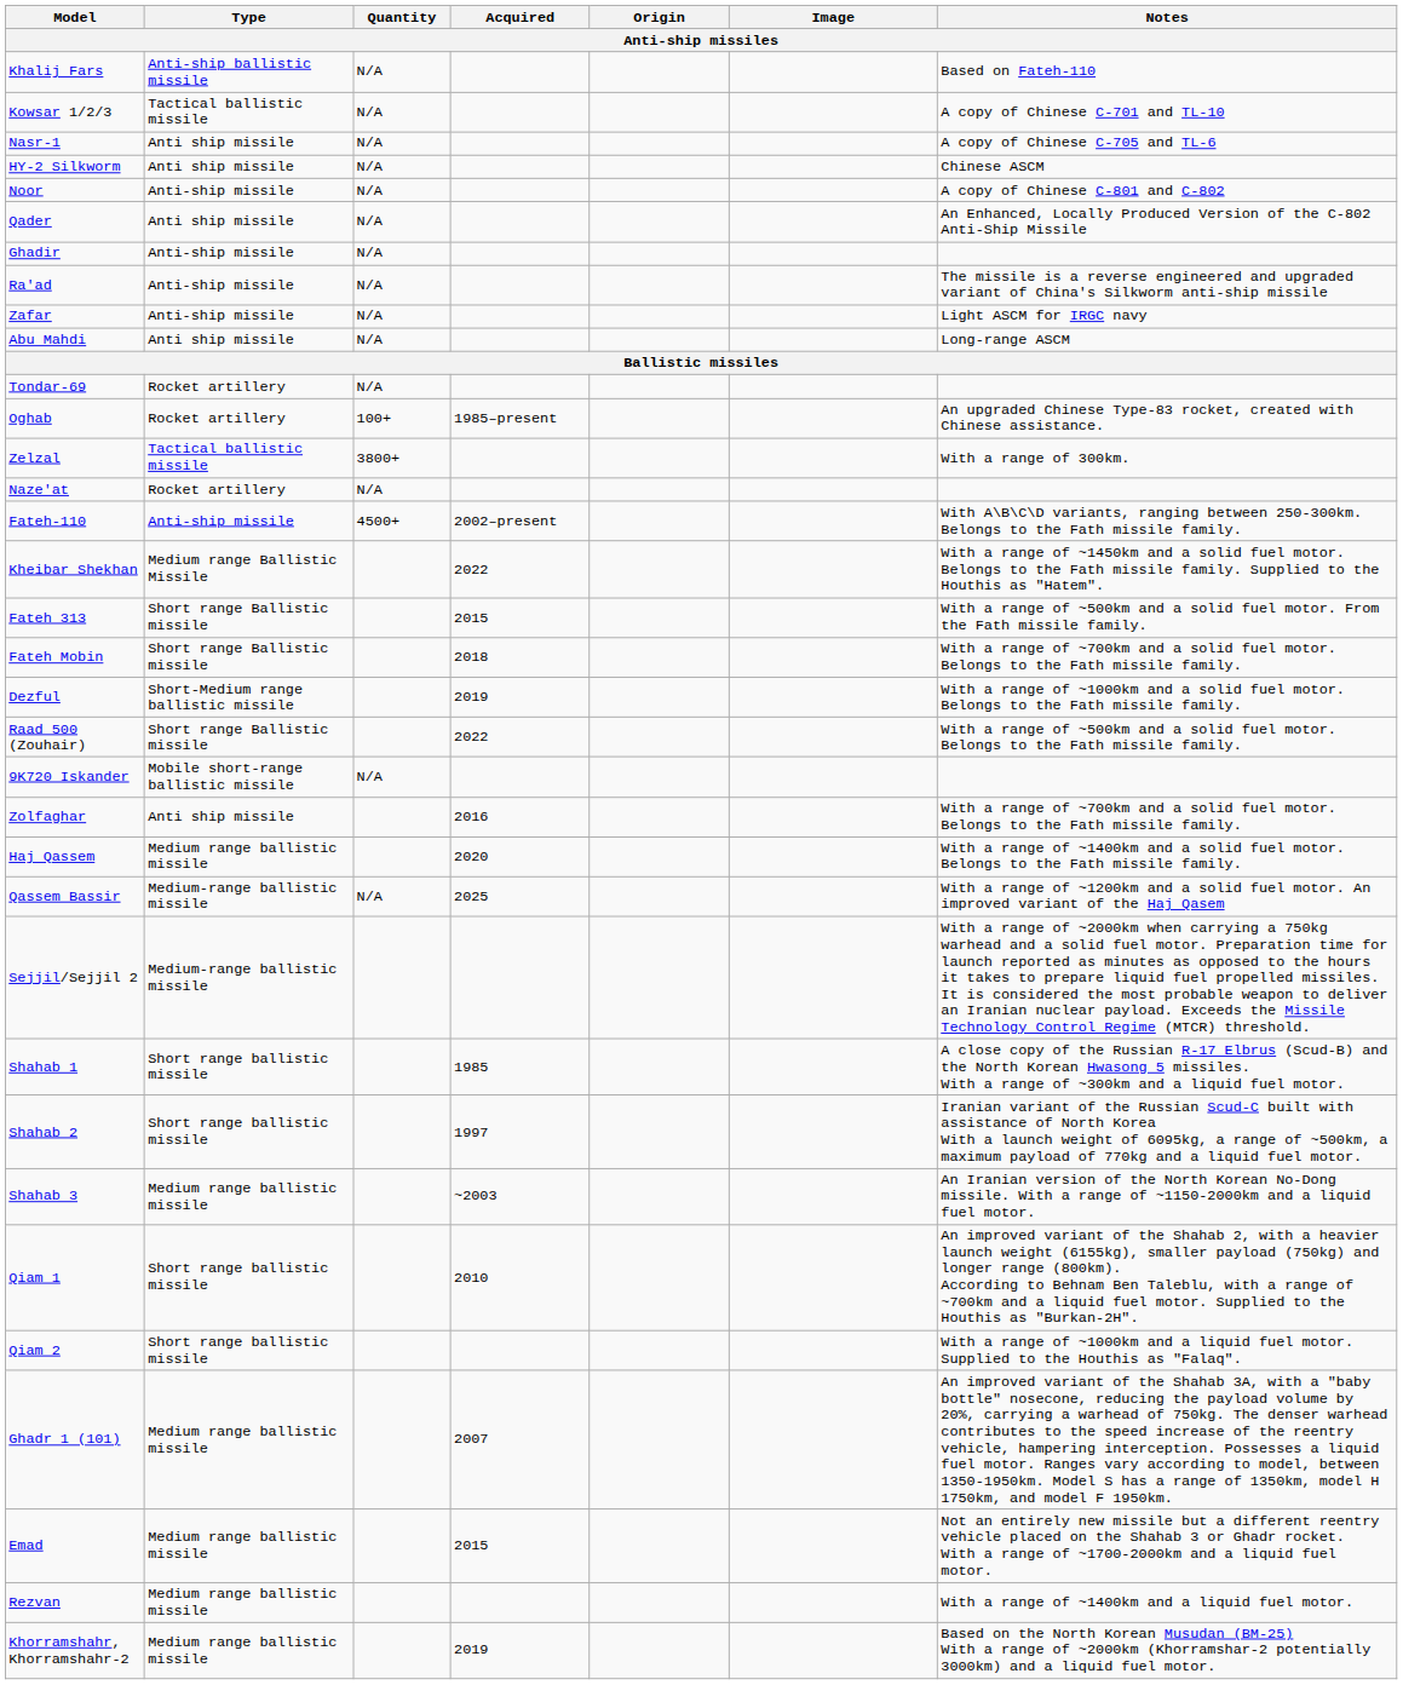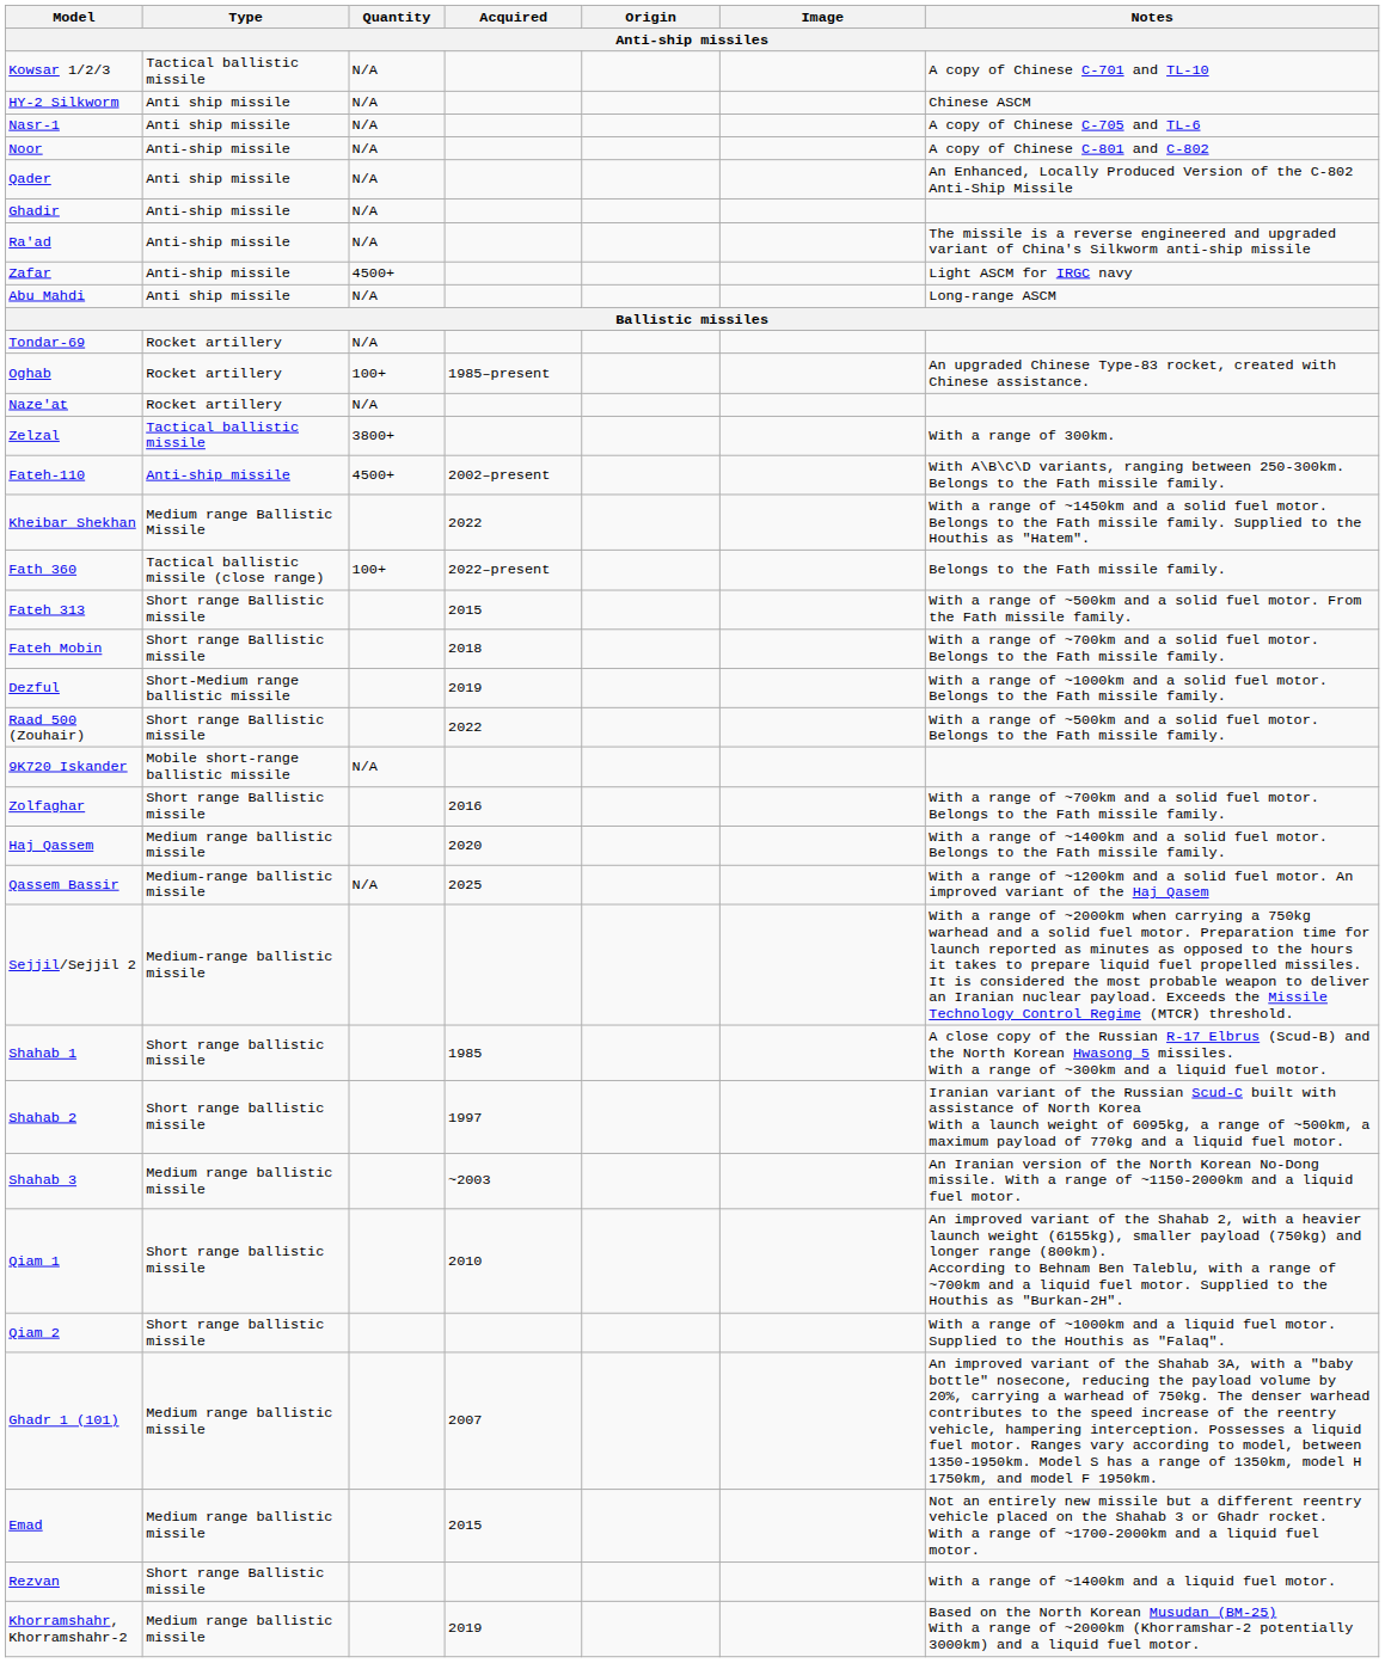 <table class="wikitable" width="100%">
 <tr>
 <th width="10%">Model</th>
 <th width="15%">Type</th>
 <th width="7%">Quantity</th>
 <th width="10%">Acquired</th>
 <th width="10%">Origin</th>
 <th width="15%">Image</th>
 <th>Notes</th>
 </tr>
 <tr>
 <th colspan="7">Anti-ship missiles</th>
 </tr>
 <tr>
-<td><a href='#'>Khalij Fars</a></td>
-<td><a href='#'>Anti-ship ballistic missile</a></td>
-<td>N/A</td>
-<td></td>
-<td></td>
-<td></td>
-<td>Based on <a href='#'>Fateh-110</a></td>
-</tr>
-<tr>
 <td><a href='#'>Kowsar</a> 1/2/3</td>
 <td>Tactical ballistic missile</td>
 <td>N/A</td>
 <td></td>
 <td><br></td>
 <td></td>
 <td>A copy of Chinese <a href='#'>C-701</a> and <a href='#'>TL-10</a></td>
 </tr>
 <tr>
+<td><a href='#'>HY-2 Silkworm</a></td>
+<td>Anti ship missile</td>
+<td>N/A</td>
+<td></td>
+<td></td>
+<td></td>
+<td>Chinese ASCM</td>
+</tr>
+<tr>
 <td><a href='#'>Nasr-1</a></td>
 <td>Anti ship missile</td>
 <td>N/A</td>
 <td></td>
 <td><br></td>
 <td></td>
 <td>A copy of Chinese <a href='#'>C-705</a> and <a href='#'>TL-6</a></td>
-</tr>
-<tr>
-<td><a href='#'>HY-2 Silkworm</a></td>
-<td>Anti ship missile</td>
-<td>N/A</td>
-<td></td>
-<td></td>
-<td></td>
-<td>Chinese ASCM</td>
 </tr>
 <tr>
 <td><a href='#'>Noor</a></td>
 <td>Anti-ship missile</td>
 <td>N/A</td>
 <td></td>
 <td><br></td>
 <td></td>
 <td>A copy of Chinese <a href='#'>C-801</a> and <a href='#'>C-802</a></td>
 </tr>
 <tr>
 <td><a href='#'>Qader</a></td>
 <td>Anti ship missile</td>
 <td>N/A</td>
 <td></td>
 <td><br></td>
 <td></td>
 <td>An Enhanced, Locally Produced Version of the C-802 Anti-Ship Missile</td>
 </tr>
 <tr>
 <td><a href='#'>Ghadir</a></td>
 <td>Anti-ship missile</td>
 <td>N/A</td>
 <td></td>
 <td></td>
 <td></td>
 <td></td>
 </tr>
 <tr>
 <td><a href='#'>Ra'ad</a></td>
 <td>Anti-ship missile</td>
 <td>N/A</td>
 <td></td>
 <td></td>
 <td></td>
 <td>The missile is a reverse engineered and upgraded variant of China's Silkworm anti-ship missile </td>
 </tr>
 <tr>
 <td><a href='#'>Zafar</a></td>
 <td>Anti-ship missile</td>
-<td>N/A</td>
+<td>4500+</td>
 <td></td>
 <td></td>
 <td></td>
 <td>Light ASCM for <a href='#'>IRGC</a> navy</td>
 </tr>
 <tr>
 <td><a href='#'>Abu Mahdi</a></td>
 <td>Anti ship missile</td>
 <td>N/A</td>
 <td></td>
 <td></td>
 <td></td>
 <td>Long-range ASCM</td>
 </tr>
 <tr>
 <th colspan="7">Ballistic missiles</th>
 </tr>
 <tr>
 <td><a href='#'>Tondar-69</a></td>
 <td>Rocket artillery</td>
 <td>N/A</td>
 <td></td>
 <td><br></td>
 <td></td>
 <td></td>
 </tr>
 <tr>
 <td><a href='#'>Oghab</a></td>
 <td>Rocket artillery</td>
 <td>100+</td>
 <td>1985–present</td>
 <td><br></td>
 <td></td>
 <td>An upgraded Chinese Type-83 rocket, created with Chinese assistance.</td>
 </tr>
 <tr>
+<td><a href='#'>Naze'at</a></td>
+<td>Rocket artillery</td>
+<td>N/A</td>
+<td></td>
+<td></td>
+<td></td>
+<td></td>
+</tr>
+<tr>
 <td><a href='#'>Zelzal</a></td>
 <td><a href='#'>Tactical ballistic missile</a></td>
 <td>3800+</td>
 <td></td>
 <td></td>
 <td></td>
 <td> With a range of 300km.</td>
-</tr>
-<tr>
-<td><a href='#'>Naze'at</a></td>
-<td>Rocket artillery</td>
-<td>N/A</td>
-<td></td>
-<td></td>
-<td></td>
-<td></td>
 </tr>
 <tr>
 <td><a href='#'>Fateh-110</a></td>
 <td><a href='#'>Anti-ship missile</a></td>
 <td>4500+</td>
 <td>2002–present</td>
 <td></td>
 <td></td>
 <td>With A\B\C\D variants, ranging between 250-300km. Belongs to the Fath missile family.</td>
 </tr>
 <tr>
 <td><a href='#'>Kheibar Shekhan</a></td>
 <td>Medium range Ballistic Missile</td>
 <td></td>
 <td>2022</td>
 <td></td>
 <td></td>
 <td>With a range of ~1450km and a solid fuel motor. Belongs to the Fath missile family. Supplied to the Houthis as "Hatem".</td>
+</tr>
+<tr>
+<td><a href='#'>Fath 360</a></td>
+<td>Tactical ballistic missile (close range)</td>
+<td>100+</td>
+<td>2022–present</td>
+<td></td>
+<td></td>
+<td> Belongs to the Fath missile family.</td>
 </tr>
 <tr>
 <td><a href='#'>Fateh 313</a></td>
 <td>Short range Ballistic missile</td>
 <td></td>
 <td>2015</td>
 <td></td>
 <td></td>
 <td>With a range of ~500km and a solid fuel motor. From the Fath missile family.</td>
 </tr>
 <tr>
 <td><a href='#'>Fateh Mobin</a></td>
 <td>Short range Ballistic missile</td>
 <td></td>
 <td>2018</td>
 <td></td>
 <td></td>
 <td>With a range of ~700km and a solid fuel motor. Belongs to the Fath missile family.</td>
 </tr>
 <tr>
 <td><a href='#'>Dezful</a></td>
 <td>Short-Medium range ballistic missile</td>
 <td></td>
 <td>2019</td>
 <td></td>
 <td></td>
 <td>With a range of ~1000km and a solid fuel motor. Belongs to the Fath missile family.</td>
 </tr>
 <tr>
 <td><a href='#'>Raad 500</a> (Zouhair)</td>
 <td>Short range Ballistic missile</td>
 <td></td>
 <td>2022</td>
 <td></td>
 <td></td>
 <td>With a range of ~500km and a solid fuel motor. Belongs to the Fath missile family.</td>
 </tr>
 <tr>
 <td><a href='#'>9K720 Iskander</a></td>
 <td>Mobile short-range ballistic missile</td>
 <td>N/A</td>
 <td></td>
 <td></td>
 <td></td>
 <td></td>
 </tr>
 <tr>
 <td><a href='#'>Zolfaghar</a></td>
-<td>Anti ship missile</td>
+<td>Short range Ballistic missile</td>
 <td></td>
 <td>2016</td>
 <td></td>
 <td></td>
 <td>With a range of ~700km and a solid fuel motor. Belongs to the Fath missile family.</td>
 </tr>
 <tr>
 <td><a href='#'>Haj Qassem</a></td>
 <td>Medium range ballistic missile</td>
 <td></td>
 <td>2020</td>
 <td></td>
 <td></td>
 <td>With a range of ~1400km and a solid fuel motor. Belongs to the Fath missile family.</td>
 </tr>
 <tr>
 <td><a href='#'>Qassem Bassir</a></td>
 <td>Medium-range ballistic missile</td>
 <td>N/A</td>
 <td>2025</td>
 <td></td>
 <td></td>
 <td>With a range of ~1200km and a solid fuel motor. An improved variant of the <a href='#'>Haj Qasem</a></td>
 </tr>
 <tr>
 <td><a href='#'>Sejjil</a>/Sejjil 2</td>
 <td>Medium-range ballistic missile</td>
 <td></td>
 <td></td>
 <td></td>
 <td></td>
 <td>With a range of ~2000km when carrying a 750kg warhead and a solid fuel motor. Preparation time for launch reported as minutes as opposed to the hours it takes to prepare liquid fuel propelled missiles. It is considered the most probable weapon to deliver an Iranian nuclear payload. Exceeds the <a href='#'>Missile Technology Control Regime</a> (MTCR) threshold.</td>
 </tr>
 <tr>
 <td><a href='#'>Shahab 1</a></td>
 <td>Short range ballistic missile</td>
 <td></td>
 <td>1985</td>
 <td><br> </td>
 <td></td>
 <td>A close copy of the Russian <a href='#'>R-17 Elbrus</a> (Scud-B) and the North Korean <a href='#'>Hwasong 5</a> missiles.<br>With a range of ~300km and a liquid fuel motor.</td>
 </tr>
 <tr>
 <td><a href='#'>Shahab 2</a></td>
 <td>Short range ballistic missile</td>
 <td></td>
 <td>1997</td>
 <td><br></td>
 <td></td>
 <td>Iranian variant of the Russian <a href='#'>Scud-C</a> built with assistance of North Korea<br>With a launch weight of 6095kg, a range of ~500km, a maximum payload of 770kg and a liquid fuel motor.</td>
 </tr>
 <tr>
 <td><a href='#'>Shahab 3</a></td>
 <td>Medium range ballistic missile</td>
 <td></td>
 <td>~2003</td>
 <td><br></td>
 <td></td>
 <td>An Iranian version of the North Korean No-Dong missile. With a range of ~1150-2000km and a liquid fuel motor.</td>
 </tr>
 <tr>
 <td><a href='#'>Qiam 1</a></td>
 <td>Short range ballistic missile</td>
 <td></td>
 <td>2010</td>
 <td></td>
 <td></td>
 <td>An improved variant of the Shahab 2, with a heavier launch weight (6155kg), smaller payload (750kg) and longer range (800km).<br>According to Behnam Ben Taleblu, with a range of ~700km and a liquid fuel motor. Supplied to the Houthis as "Burkan-2H".</td>
 </tr>
 <tr>
 <td><a href='#'>Qiam 2</a></td>
 <td>Short range ballistic missile</td>
 <td></td>
 <td></td>
 <td></td>
 <td></td>
 <td>With a range of ~1000km and a liquid fuel motor. Supplied to the Houthis as "Falaq".</td>
 </tr>
 <tr>
 <td><a href='#'>Ghadr 1 (101)</a></td>
 <td>Medium range ballistic missile</td>
 <td></td>
 <td>2007</td>
 <td></td>
 <td></td>
 <td>An improved variant of the Shahab 3A, with a "baby bottle" nosecone, reducing the payload volume by 20%, carrying a warhead of 750kg. The denser warhead contributes to the speed increase of the reentry vehicle, hampering interception. Possesses a liquid fuel motor. Ranges vary according to model, between 1350-1950km. Model S has a range of 1350km, model H 1750km, and model F 1950km.</td>
 </tr>
 <tr>
 <td><a href='#'>Emad</a></td>
 <td>Medium range ballistic missile</td>
 <td></td>
 <td>2015</td>
 <td></td>
 <td></td>
 <td>Not an entirely new missile but a different reentry vehicle placed on the Shahab 3 or Ghadr rocket.<br>With a range of ~1700-2000km and a liquid fuel motor.</td>
 </tr>
 <tr>
 <td><a href='#'>Rezvan</a></td>
-<td>Medium range ballistic missile</td>
+<td>Short range Ballistic missile</td>
 <td></td>
 <td></td>
 <td></td>
 <td></td>
 <td>With a range of ~1400km and a liquid fuel motor.</td>
 </tr>
 <tr>
 <td><a href='#'>Khorramshahr</a>, Khorramshahr-2</td>
 <td>Medium range ballistic missile</td>
 <td></td>
 <td>2019</td>
 <td><br></td>
 <td></td>
 <td>Based on the North Korean  <a href='#'>Musudan (BM-25)</a><br>With a range of ~2000km (Khorramshar-2 potentially 3000km) and a liquid fuel motor.</td>
 </tr>
 </table>
